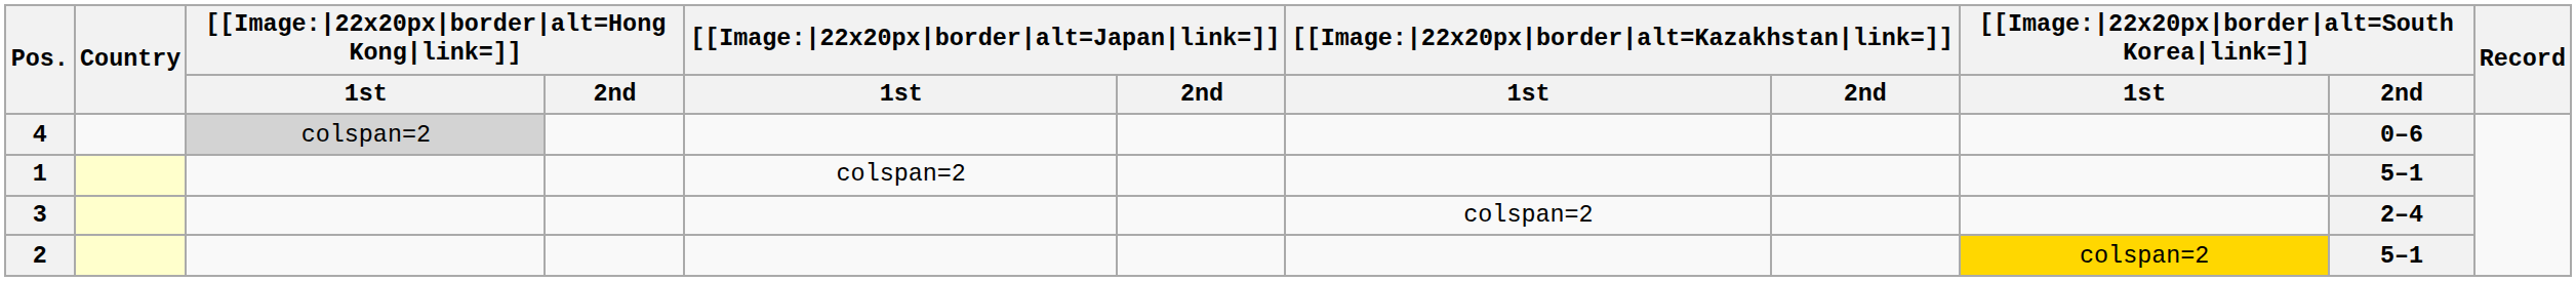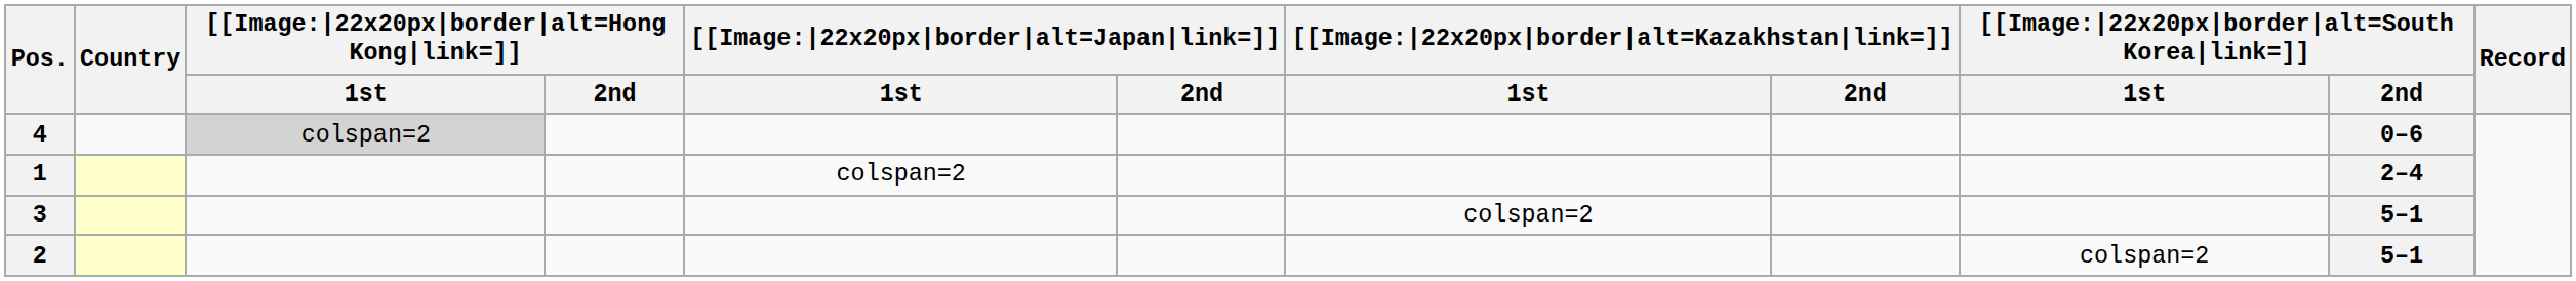 <table class="wikitable sortable nowrap" style="text-align:center; font-size:0.9em;">
 <tr>
 <th rowspan="2">Pos.</th>
 <th rowspan="2">Country</th>
 <th colspan="2">[[Image:|22x20px|border|alt=Hong Kong|link=]]</th>
 <th colspan="2">[[Image:|22x20px|border|alt=Japan|link=]]</th>
 <th colspan="2">[[Image:|22x20px|border|alt=Kazakhstan|link=]]</th>
 <th colspan="2">[[Image:|22x20px|border|alt=South Korea|link=]]</th>
 <th rowspan="2">Record</th>
 </tr>
 <tr>
 <th>1st</th>
 <th>2nd</th>
 <th>1st</th>
 <th>2nd</th>
 <th>1st</th>
 <th>2nd</th>
 <th>1st</th>
 <th>2nd</th>
 </tr>
 <tr>
 <th>4</th>
 <td style="text-align:left;"></td>
 <td style="background: lightgrey;">colspan=2  </td>
 <td> </td>
 <td> </td>
 <td> </td>
 <td> </td>
 <td> </td>
 <td> </td>
 <th>0–6</th>
 </tr>
 <tr>
 <th>1</th>
 <td style="text-align:left; background:#ffffcc;"></td>
 <td> </td>
 <td> </td>
 <td>colspan=2  </td>
 <td> </td>
 <td> </td>
 <td> </td>
 <td> </td>
-<th>5–1</th>
+<th>2–4</th>
 </tr>
 <tr>
 <th>3</th>
 <td style="text-align:left; background:#ffffcc;"></td>
 <td> </td>
 <td> </td>
 <td> </td>
 <td> </td>
 <td>colspan=2  </td>
 <td> </td>
 <td> </td>
-<th>2–4</th>
+<th>5–1</th>
 </tr>
 <tr>
 <th>2</th>
 <td style="text-align:left; background:#ffffcc;"></td>
 <td> </td>
 <td> </td>
 <td> </td>
 <td> </td>
 <td> </td>
 <td> </td>
-<td style="background: gold;">colspan=2  </td>
+<td>colspan=2  </td>
 <th>5–1</th>
 </tr>
 </table>
